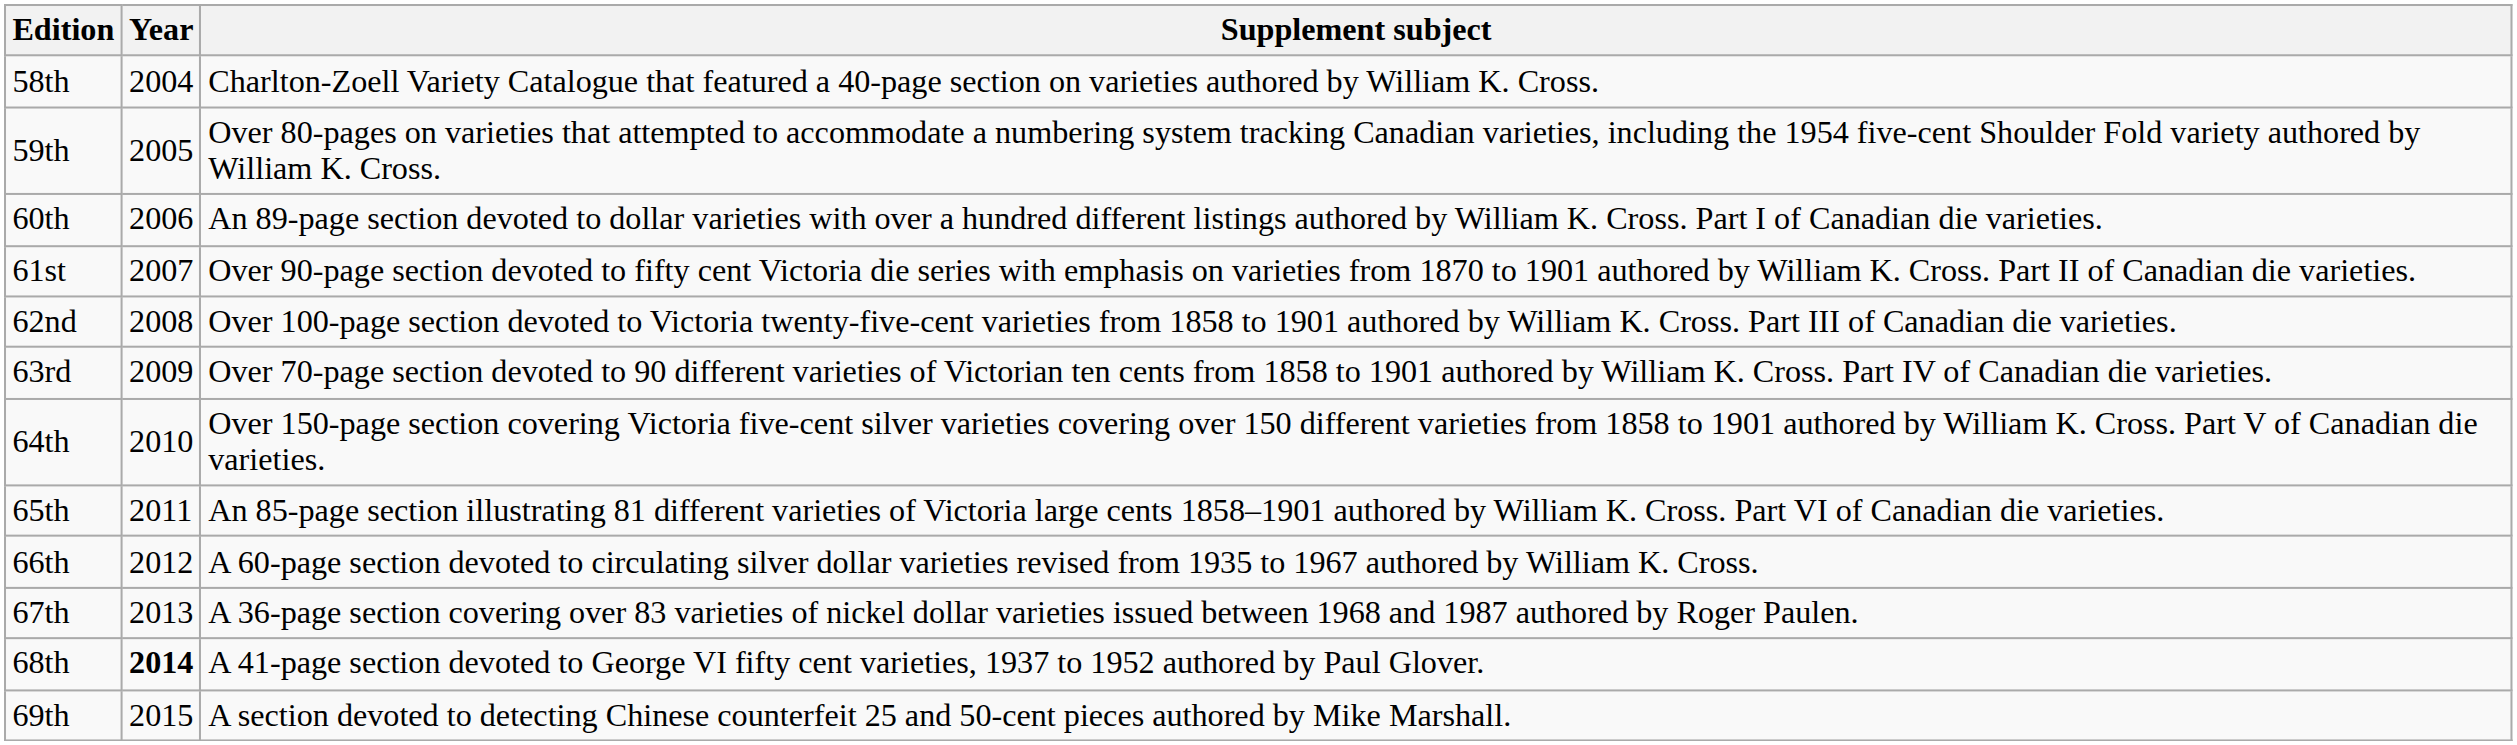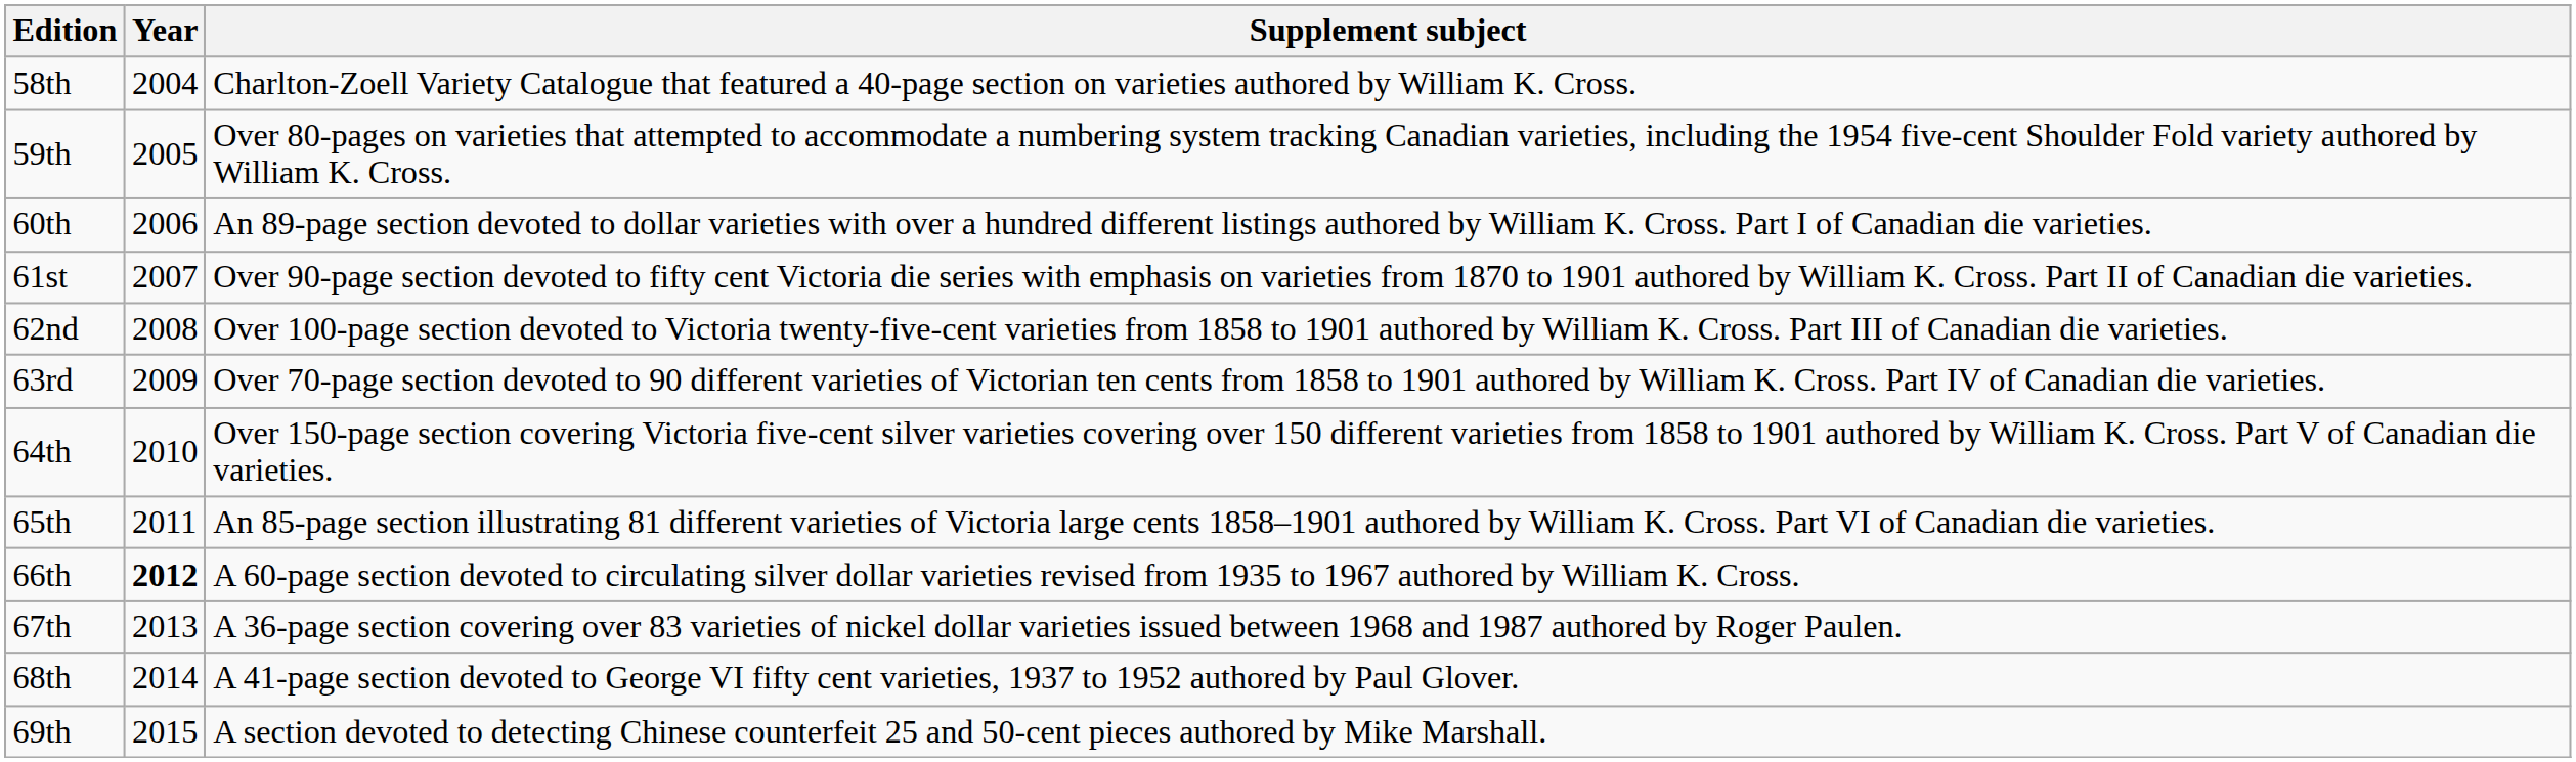 <table class="wikitable">
 <tr>
 <th>Edition</th>
 <th>Year</th>
 <th>Supplement subject</th>
 </tr>
 <tr>
 <td>58th</td>
 <td>2004</td>
 <td>Charlton-Zoell Variety Catalogue that featured a 40-page section on varieties authored by William K. Cross.</td>
 </tr>
 <tr>
 <td>59th</td>
 <td>2005</td>
 <td>Over 80-pages on varieties that attempted to accommodate a numbering system tracking Canadian varieties, including the 1954 five-cent Shoulder Fold variety authored by William K. Cross.</td>
 </tr>
 <tr>
 <td>60th</td>
 <td>2006</td>
 <td>An 89-page section devoted to dollar varieties with over a hundred different listings authored by William K. Cross. Part I of Canadian die varieties.</td>
 </tr>
 <tr>
 <td>61st</td>
 <td>2007</td>
 <td>Over 90-page section devoted to fifty cent Victoria die series with emphasis on varieties from 1870 to 1901 authored by William K. Cross. Part II of Canadian die varieties.</td>
 </tr>
 <tr>
 <td>62nd</td>
 <td>2008</td>
 <td>Over 100-page section devoted to Victoria twenty-five-cent varieties from 1858 to 1901 authored by William K. Cross. Part III of Canadian die varieties.</td>
 </tr>
 <tr>
 <td>63rd</td>
 <td>2009</td>
 <td>Over 70-page section devoted to 90 different varieties of Victorian ten cents from 1858 to 1901 authored by William K. Cross. Part IV of Canadian die varieties.</td>
 </tr>
 <tr>
 <td>64th</td>
 <td>2010</td>
 <td>Over 150-page section covering Victoria five-cent silver varieties covering over 150 different varieties from 1858 to 1901 authored by William K. Cross. Part V of Canadian die varieties.</td>
 </tr>
 <tr>
 <td>65th</td>
 <td>2011</td>
 <td>An 85-page section illustrating 81 different varieties of Victoria large cents 1858–1901 authored by William K. Cross. Part VI of Canadian die varieties.</td>
 </tr>
 <tr>
 <td>66th</td>
-<td>2012</td>
+<td><strong>2012</strong></td>
 <td>A 60-page section devoted to circulating silver dollar varieties revised from 1935 to 1967 authored by William K. Cross.</td>
 </tr>
 <tr>
 <td>67th</td>
 <td>2013</td>
 <td>A 36-page section covering over 83 varieties of nickel dollar varieties issued between 1968 and 1987 authored by Roger Paulen.</td>
 </tr>
 <tr>
 <td>68th</td>
-<td><strong>2014</strong></td>
+<td>2014</td>
 <td>A 41-page section devoted to George VI fifty cent varieties, 1937 to 1952 authored by Paul Glover.</td>
 </tr>
 <tr>
 <td>69th</td>
 <td>2015</td>
 <td>A section devoted to detecting Chinese counterfeit 25 and 50-cent pieces authored by Mike Marshall.</td>
 </tr>
 <tr>
 </tr>
 </table>
